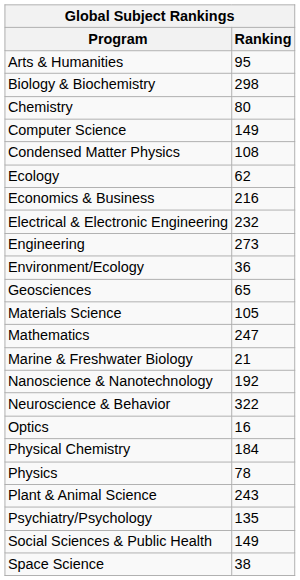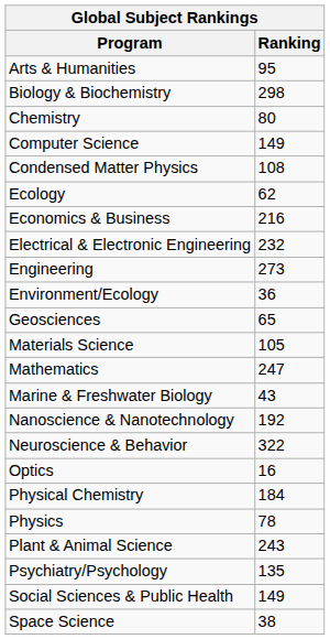 <table class="wikitable sortable collapsible collapsed" style="float:right" "text-align:center">
 <tr>
 <th colspan=4>Global Subject Rankings</th>
 </tr>
 <tr>
 <th>Program</th>
 <th>Ranking</th>
 </tr>
 <tr>
 <td>Arts & Humanities</td>
 <td>95</td>
 </tr>
 <tr>
 <td>Biology & Biochemistry</td>
 <td>298</td>
 </tr>
 <tr>
 <td>Chemistry</td>
 <td>80</td>
 </tr>
 <tr>
 <td>Computer Science</td>
 <td>149</td>
 </tr>
 <tr>
 <td>Condensed Matter Physics</td>
 <td>108</td>
 </tr>
 <tr>
 <td>Ecology</td>
 <td>62</td>
 </tr>
 <tr>
 <td>Economics & Business</td>
 <td>216</td>
 </tr>
 <tr>
 <td>Electrical & Electronic Engineering</td>
 <td>232</td>
 </tr>
 <tr>
 <td>Engineering</td>
 <td>273</td>
 </tr>
 <tr>
 <td>Environment/Ecology</td>
 <td>36</td>
 </tr>
 <tr>
 <td>Geosciences</td>
 <td>65</td>
 </tr>
 <tr>
 <td>Materials Science</td>
 <td>105</td>
 </tr>
 <tr>
 <td>Mathematics</td>
 <td>247</td>
 </tr>
 <tr>
 <td>Marine & Freshwater Biology</td>
-<td>21</td>
+<td>43</td>
 </tr>
 <tr>
 <td>Nanoscience & Nanotechnology</td>
 <td>192</td>
 </tr>
 <tr>
 <td>Neuroscience & Behavior</td>
 <td>322</td>
 </tr>
 <tr>
 <td>Optics</td>
 <td>16</td>
 </tr>
 <tr>
 <td>Physical Chemistry</td>
 <td>184</td>
 </tr>
 <tr>
 <td>Physics</td>
 <td>78</td>
 </tr>
 <tr>
 <td>Plant & Animal Science</td>
 <td>243</td>
 </tr>
 <tr>
 <td>Psychiatry/Psychology</td>
 <td>135</td>
 </tr>
 <tr>
 <td>Social Sciences & Public Health</td>
 <td>149</td>
 </tr>
 <tr>
 <td>Space Science</td>
 <td>38</td>
 </tr>
 </table>
